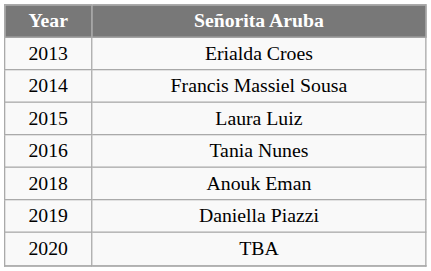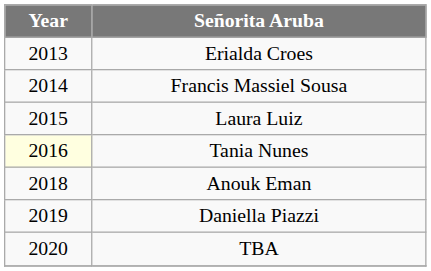 <table class="wikitable sortable" style="font-size: 95%; text-align:center">
 <tr>
 <th width="60" style="background-color:#787878;color:#FFFFFF;">Year</th>
 <th width="250" style="background-color:#787878;color:#FFFFFF;">Señorita Aruba</th>
 </tr>
 <tr>
 <td>2013</td>
 <td>Erialda Croes</td>
 </tr>
 <tr>
 <td>2014</td>
 <td>Francis Massiel Sousa</td>
 </tr>
 <tr>
 <td>2015</td>
 <td>Laura Luiz</td>
 </tr>
 <tr>
-<td>2016</td>
+<td style="background: lightyellow;">2016</td>
 <td>Tania Nunes</td>
 </tr>
 <tr>
 <td>2018</td>
 <td>Anouk Eman</td>
 </tr>
 <tr>
 <td>2019</td>
 <td>Daniella Piazzi</td>
 </tr>
 <tr>
 <td>2020</td>
 <td>TBA</td>
 </tr>
 <tr>
 </tr>
 </table>
